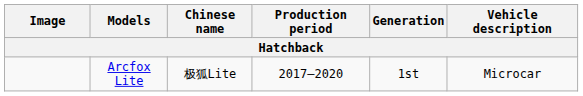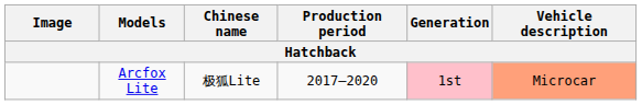 <table class="wikitable sortable" style="text-align: center; width: 100%">
 <tr>
 <th class="unsortable" width="15%">Image</th>
 <th>Models</th>
 <th>Chinese name</th>
 <th>Production period</th>
 <th class="unsortable">Generation</th>
 <th>Vehicle description</th>
 </tr>
 <tr>
 <th colspan="6">Hatchback</th>
 </tr>
 <tr>
 <td></td>
 <td><a href='#'>Arcfox Lite</a></td>
 <td>极狐Lite</td>
 <td>2017–2020</td>
-<td>1st</td>
-<td>Microcar</td>
+<td style="background: pink;">1st</td>
+<td style="background: lightsalmon;">Microcar</td>
 </tr>
 </table>
